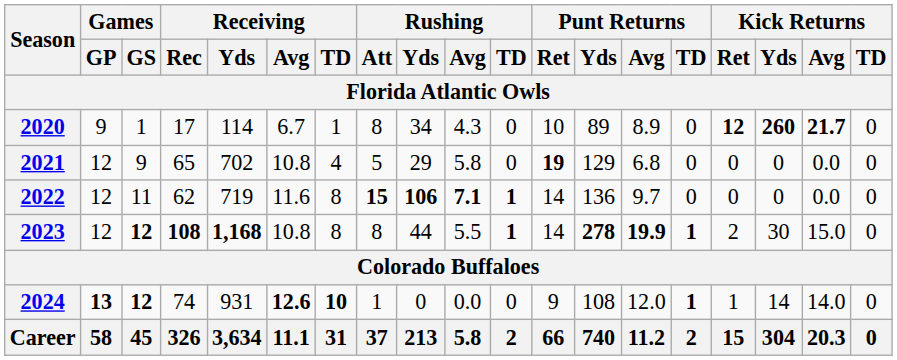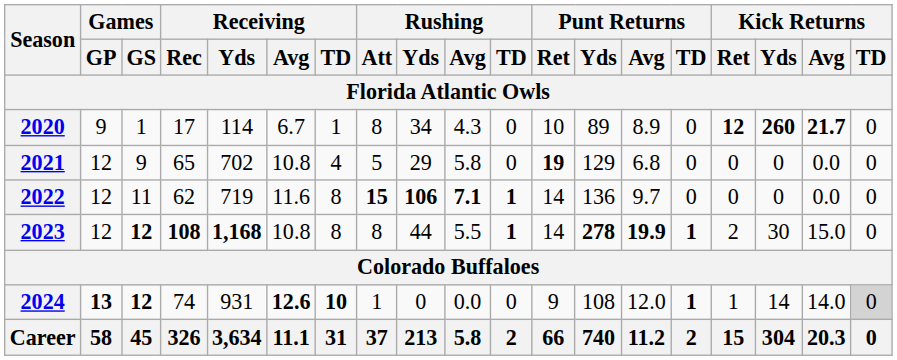 <table class="wikitable" style="text-align:center;">
 <tr>
 <th rowspan="2">Season</th>
 <th colspan="2">Games</th>
 <th colspan="4">Receiving</th>
 <th colspan="4">Rushing</th>
 <th colspan="4">Punt Returns</th>
 <th colspan="4">Kick Returns</th>
 </tr>
 <tr>
 <th>GP</th>
 <th>GS</th>
 <th>Rec</th>
 <th>Yds</th>
 <th>Avg</th>
 <th>TD</th>
 <th>Att</th>
 <th>Yds</th>
 <th>Avg</th>
 <th>TD</th>
 <th>Ret</th>
 <th>Yds</th>
 <th>Avg</th>
 <th>TD</th>
 <th>Ret</th>
 <th>Yds</th>
 <th>Avg</th>
 <th>TD</th>
 </tr>
 <tr>
 <th colspan="20">Florida Atlantic Owls</th>
 </tr>
 <tr>
 <th><a href='#'>2020</a></th>
 <td>9</td>
 <td>1</td>
 <td>17</td>
 <td>114</td>
 <td>6.7</td>
 <td>1</td>
 <td>8</td>
 <td>34</td>
 <td>4.3</td>
 <td>0</td>
 <td>10</td>
 <td>89</td>
 <td>8.9</td>
 <td>0</td>
 <td><strong>12</strong></td>
 <td><strong>260</strong></td>
 <td><strong>21.7</strong></td>
 <td>0</td>
 </tr>
 <tr>
 <th><a href='#'>2021</a></th>
 <td>12</td>
 <td>9</td>
 <td>65</td>
 <td>702</td>
 <td>10.8</td>
 <td>4</td>
 <td>5</td>
 <td>29</td>
 <td>5.8</td>
 <td>0</td>
 <td><strong>19</strong></td>
 <td>129</td>
 <td>6.8</td>
 <td>0</td>
 <td>0</td>
 <td>0</td>
 <td>0.0</td>
 <td>0</td>
 </tr>
 <tr>
 <th><a href='#'>2022</a></th>
 <td>12</td>
 <td>11</td>
 <td>62</td>
 <td>719</td>
 <td>11.6</td>
 <td>8</td>
 <td><strong>15</strong></td>
 <td><strong>106</strong></td>
 <td><strong>7.1</strong></td>
 <td><strong>1</strong></td>
 <td>14</td>
 <td>136</td>
 <td>9.7</td>
 <td>0</td>
 <td>0</td>
 <td>0</td>
 <td>0.0</td>
 <td>0</td>
 </tr>
 <tr>
 <th><a href='#'>2023</a></th>
 <td>12</td>
 <td><strong>12</strong></td>
 <td><strong>108</strong></td>
 <td><strong>1,168</strong></td>
 <td>10.8</td>
 <td>8</td>
 <td>8</td>
 <td>44</td>
 <td>5.5</td>
 <td><strong>1</strong></td>
 <td>14</td>
 <td><strong>278</strong></td>
 <td><strong>19.9</strong></td>
 <td><strong>1</strong></td>
 <td>2</td>
 <td>30</td>
 <td>15.0</td>
 <td>0</td>
 </tr>
 <tr>
 <th colspan="20">Colorado Buffaloes</th>
 </tr>
 <tr>
 <th><a href='#'>2024</a></th>
 <td><strong>13</strong></td>
 <td><strong>12</strong></td>
 <td>74</td>
 <td>931</td>
 <td><strong>12.6</strong></td>
 <td><strong>10</strong></td>
 <td>1</td>
 <td>0</td>
 <td>0.0</td>
 <td>0</td>
 <td>9</td>
 <td>108</td>
 <td>12.0</td>
 <td><strong>1</strong></td>
 <td>1</td>
 <td>14</td>
 <td>14.0</td>
-<td>0</td>
+<td style="background: lightgrey;">0</td>
 </tr>
 <tr>
 <th>Career</th>
 <th>58</th>
 <th>45</th>
 <th>326</th>
 <th>3,634</th>
 <th>11.1</th>
 <th>31</th>
 <th>37</th>
 <th>213</th>
 <th>5.8</th>
 <th>2</th>
 <th>66</th>
 <th>740</th>
 <th>11.2</th>
 <th>2</th>
 <th>15</th>
 <th>304</th>
 <th>20.3</th>
 <th>0</th>
 </tr>
 </table>
